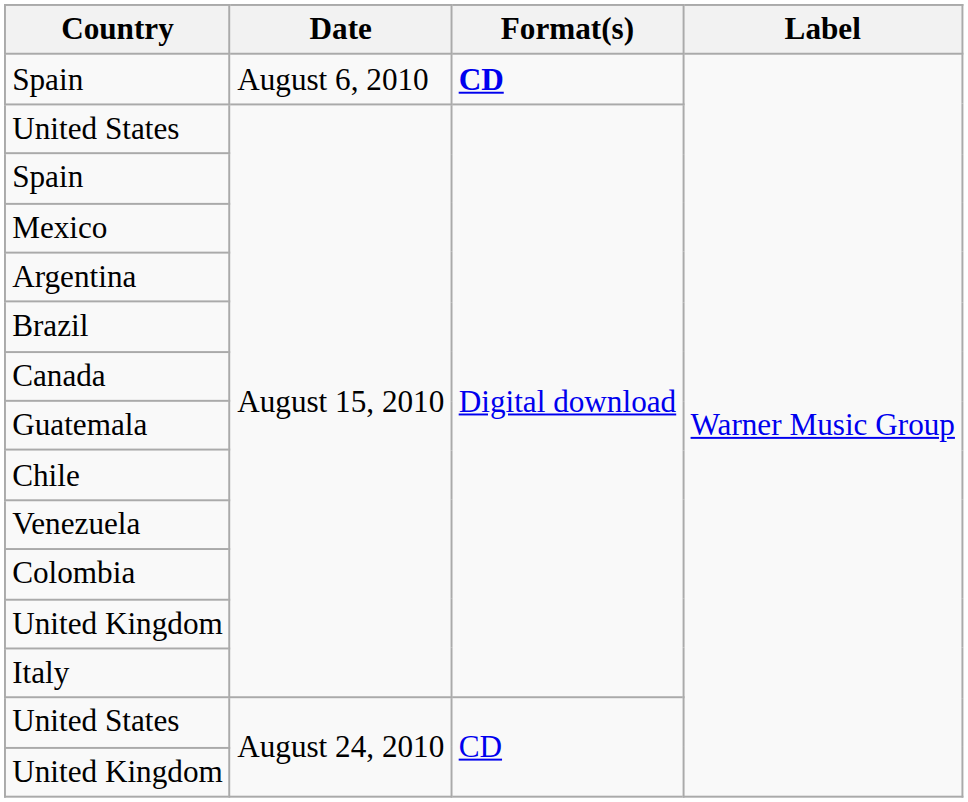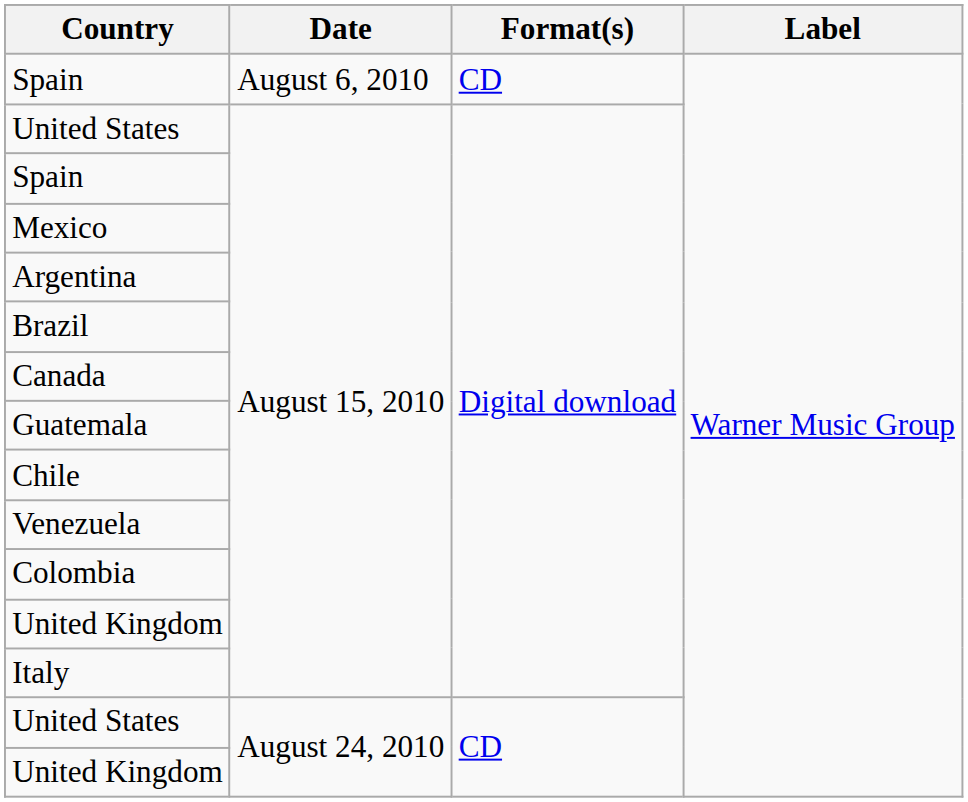 <table class="wikitable plainrowheaders">
 <tr>
 <th scope="col">Country</th>
 <th scope="col">Date</th>
 <th scope="col">Format(s)</th>
 <th scope="col">Label</th>
 </tr>
 <tr>
 <td>Spain</td>
 <td rowspan="">August 6, 2010</td>
-<td rowspan=""><strong><a href='#'>CD</a></strong></td>
+<td rowspan=""><a href='#'>CD</a></td>
 <td rowspan="15"><a href='#'>Warner Music Group</a></td>
 </tr>
 <tr>
 <td>United States</td>
 <td rowspan="12">August 15, 2010</td>
 <td rowspan="12"><a href='#'>Digital download</a></td>
 </tr>
 <tr>
 <td>Spain</td>
 </tr>
 <tr>
 <td>Mexico</td>
 </tr>
 <tr>
 <td>Argentina</td>
 </tr>
 <tr>
 <td>Brazil</td>
 </tr>
 <tr>
 <td>Canada</td>
 </tr>
 <tr>
 <td>Guatemala</td>
 </tr>
 <tr>
 <td>Chile</td>
 </tr>
 <tr>
 <td>Venezuela</td>
 </tr>
 <tr>
 <td>Colombia</td>
 </tr>
 <tr>
 <td>United Kingdom</td>
 </tr>
 <tr>
 <td>Italy</td>
 </tr>
 <tr>
 <td>United States</td>
 <td rowspan="2">August 24, 2010</td>
 <td rowspan="2"><a href='#'>CD</a></td>
 </tr>
 <tr>
 <td>United Kingdom</td>
 </tr>
 </table>
